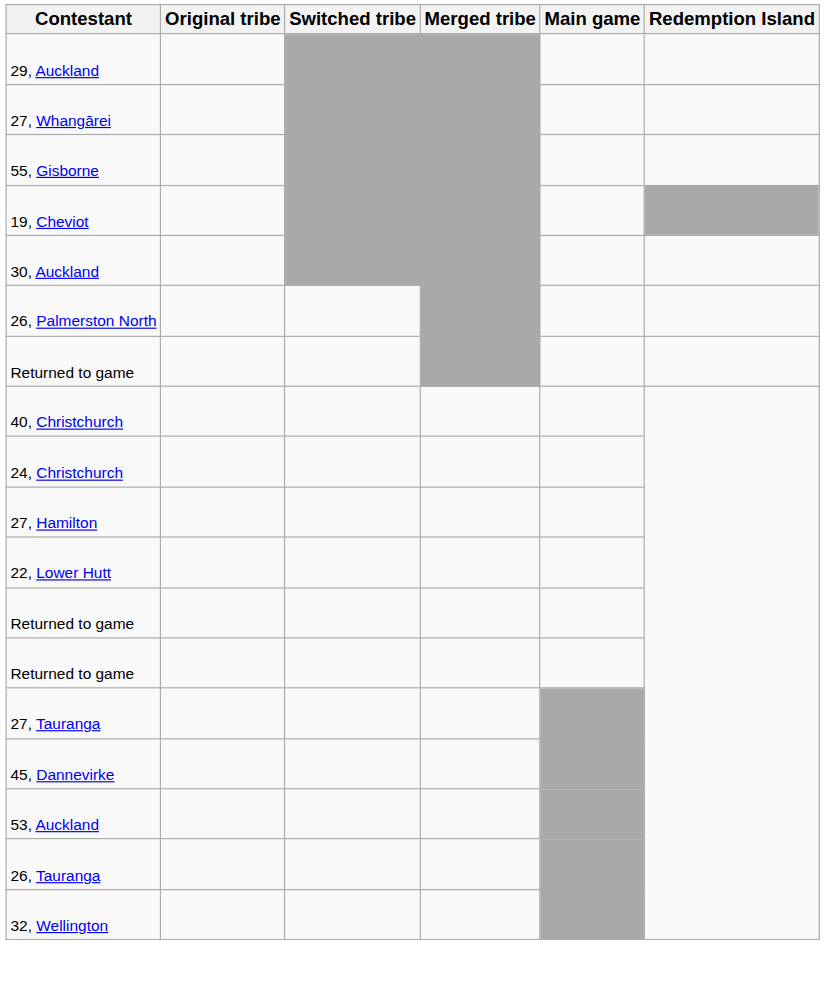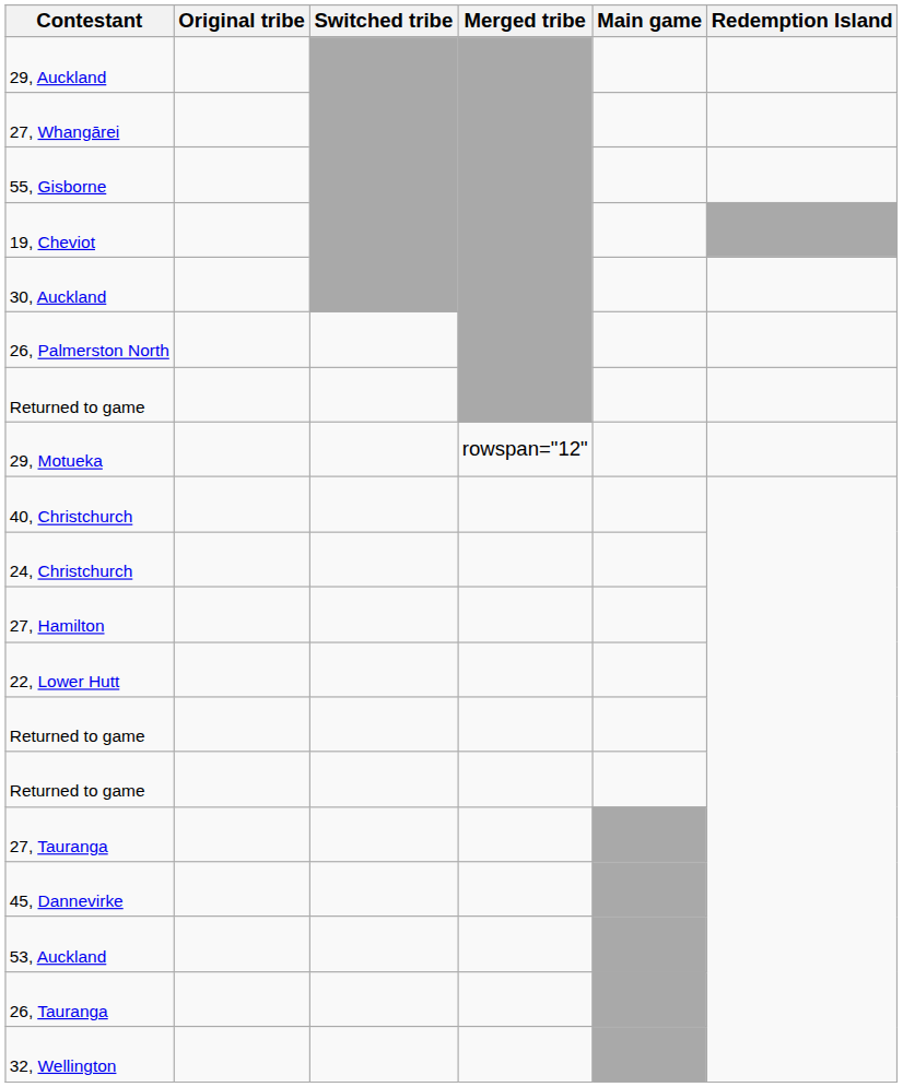 <table class="wikitable sortable" style="margin:auto; text-align:center">
 <tr>
 <th>Contestant</th>
 <th>Original tribe</th>
 <th>Switched tribe</th>
 <th>Merged tribe</th>
 <th>Main game</th>
 <th>Redemption Island</th>
 </tr>
 <tr>
 <td align="left"><strong></strong><br><small>29, <a href='#'>Auckland</a></small></td>
 <td></td>
 <td rowspan="5" bgcolor="darkgray"></td>
 <td rowspan="7" bgcolor="darkgray"></td>
 <td></td>
 <td></td>
 </tr>
 <tr>
 <td align="left"><strong></strong><br><small>27, <a href='#'>Whangārei</a></small></td>
 <td></td>
 <td></td>
 <td></td>
 </tr>
 <tr>
 <td align="left"><strong></strong><br><small>55, <a href='#'>Gisborne</a></small></td>
 <td></td>
 <td></td>
 <td></td>
 </tr>
 <tr>
 <td align="left"><strong></strong><br><small>19, <a href='#'>Cheviot</a></small></td>
 <td></td>
 <td></td>
 <td bgcolor="darkgray"></td>
 </tr>
 <tr>
 <td align="left"><strong></strong><br><small>30, <a href='#'>Auckland</a></small></td>
 <td></td>
 <td></td>
 <td></td>
 </tr>
 <tr>
 <td align="left"><strong></strong><br><small>26, <a href='#'>Palmerston North</a></small></td>
 <td></td>
 <td></td>
 <td></td>
 <td></td>
 </tr>
 <tr>
 <td align="left"><em></em><br><small>Returned to game</small></td>
 <td></td>
 <td></td>
+<td></td>
+<td></td>
+</tr>
+<tr>
+<td align="left"><strong></strong><br><small>29, <a href='#'>Motueka</a></small></td>
+<td></td>
+<td></td>
+<td>rowspan="12" </td>
 <td></td>
 <td></td>
 </tr>
 <tr>
 <td align="left"><strong></strong><br><small>40, <a href='#'>Christchurch</a></small></td>
 <td></td>
 <td></td>
 <td></td>
 <td></td>
 </tr>
 <tr>
 <td align="left"><strong></strong><br><small>24, <a href='#'>Christchurch</a></small></td>
 <td></td>
 <td></td>
 <td></td>
 <td></td>
 </tr>
 <tr>
 <td align="left"><strong></strong><br><small>27, <a href='#'>Hamilton</a></small></td>
 <td></td>
 <td></td>
 <td></td>
 <td></td>
 </tr>
 <tr>
 <td align="left"><strong></strong><br><small>22, <a href='#'>Lower Hutt</a></small></td>
 <td></td>
 <td></td>
 <td></td>
 <td></td>
 </tr>
 <tr>
 <td align="left"><em></em><br><small>Returned to game</small></td>
 <td></td>
 <td></td>
 <td></td>
 <td></td>
 </tr>
 <tr>
 <td align="left"><em></em><br><small>Returned to game</small></td>
 <td></td>
 <td></td>
 <td></td>
 <td></td>
 </tr>
 <tr>
 <td align="left"><strong></strong><br><small>27, <a href='#'>Tauranga</a></small></td>
 <td></td>
 <td></td>
 <td></td>
 <td bgcolor="darkgray"></td>
 </tr>
 <tr>
 <td align="left"><strong></strong><br><small>45, <a href='#'>Dannevirke</a></small></td>
 <td></td>
 <td></td>
 <td></td>
 <td bgcolor="darkgray"></td>
 </tr>
 <tr>
 <td align="left"><strong></strong><br><small>53, <a href='#'>Auckland</a></small></td>
 <td></td>
 <td></td>
 <td></td>
 <td bgcolor="darkgray"></td>
 </tr>
 <tr>
 <td align="left"><strong></strong><br><small>26, <a href='#'>Tauranga</a></small></td>
 <td></td>
 <td></td>
 <td></td>
 <td bgcolor="darkgray"></td>
 </tr>
 <tr>
 <td align="left"><strong></strong><br><small>32, <a href='#'>Wellington</a></small></td>
 <td></td>
 <td></td>
 <td></td>
 <td bgcolor="darkgray"></td>
 </tr>
 </table>
